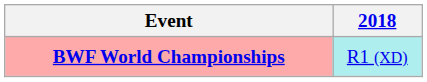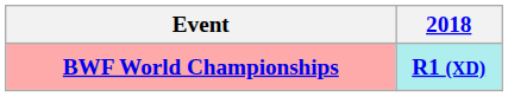 <table style='font-size: 90%; text-align:center;' class='wikitable'>
 <tr>
 <th>Event</th>
 <th><a href='#'>2018</a></th>
 </tr>
 <tr style="height: 30px;">
 <td bgcolor=FFAAAA style="width: 240px;align=left"><strong><a href='#'>BWF World Championships</a></strong></td>
-<td style="width: 60px" bgcolor=AFEEEE><a href='#'>R1 <small>(XD)</small></a></td>
+<td style="width: 60px" bgcolor=AFEEEE><strong><a href='#'>R1 <small>(XD)</small></a></strong></td>
 </tr>
 </table>
